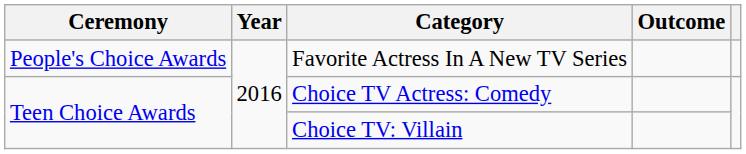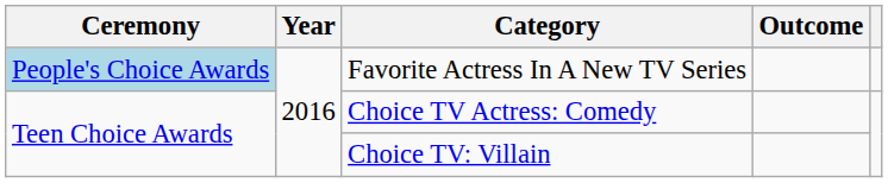 <table class="wikitable">
 <tr>
 <th>Ceremony</th>
 <th>Year</th>
 <th>Category</th>
 <th>Outcome</th>
 <th></th>
 </tr>
 <tr>
-<td><a href='#'>People's Choice Awards</a></td>
+<td style="background: lightblue;"><a href='#'>People's Choice Awards</a></td>
 <td rowspan="3">2016</td>
 <td>Favorite Actress In A New TV Series</td>
 <td></td>
 <td align="center"></td>
 </tr>
 <tr>
 <td rowspan="2"><a href='#'>Teen Choice Awards</a></td>
 <td><a href='#'>Choice TV Actress: Comedy</a></td>
 <td></td>
 <td rowspan="2" align="center"></td>
 </tr>
 <tr>
 <td><a href='#'>Choice TV: Villain</a></td>
 <td></td>
 </tr>
 </table>
